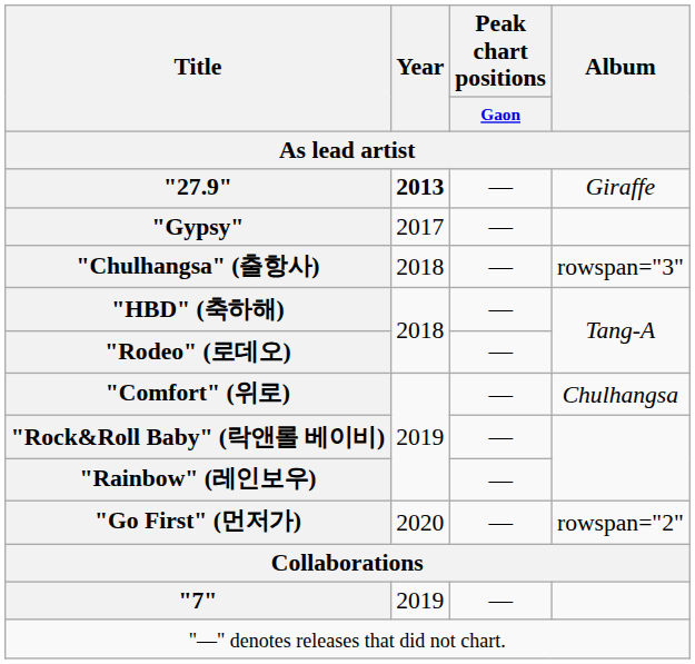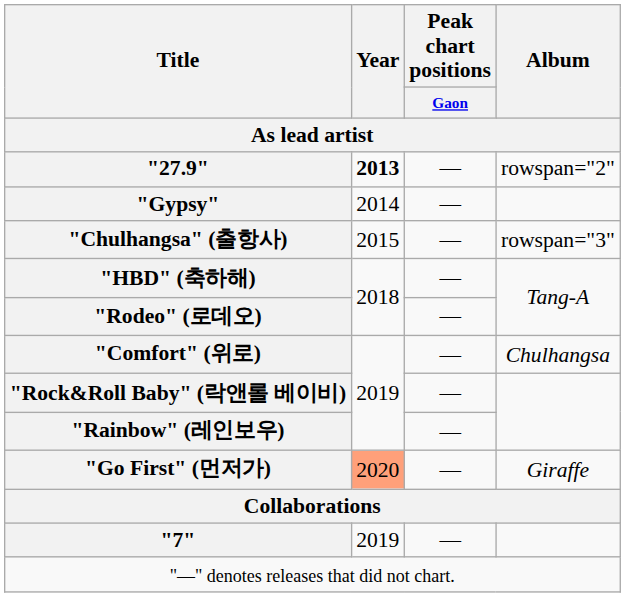 <table class="wikitable plainrowheaders" style="text-align:center;">
 <tr>
 <th scope="col" rowspan="2">Title</th>
 <th scope="col" rowspan="2">Year</th>
 <th scope="col" colspan="1">Peak chart <br> positions</th>
 <th scope="col" rowspan="2">Album</th>
 </tr>
 <tr>
 <th scope="col" style="width:3em;font-size:85%;"><small><a href='#'>Gaon</a></small><br></th>
 </tr>
 <tr>
 <th scope="col" colspan="5">As lead artist</th>
 </tr>
 <tr>
 <th scope="row">"27.9"</th>
 <td><strong>2013</strong></td>
 <td>—</td>
-<td><em>Giraffe</em></td>
+<td>rowspan="2" </td>
 </tr>
 <tr>
 <th scope="row">"Gypsy"</th>
-<td>2017</td>
+<td>2014</td>
 <td>—</td>
 </tr>
 <tr>
 <th scope="row">"Chulhangsa" (출항사)</th>
-<td>2018</td>
+<td>2015</td>
 <td>—</td>
 <td>rowspan="3" </td>
 </tr>
 <tr>
 <th scope="row">"HBD" (축하해)</th>
 <td rowspan="2">2018</td>
 <td>—</td>
 <td rowspan="2"><em>Tang-A</em></td>
 </tr>
 <tr>
 <th scope="row">"Rodeo" (로데오)</th>
 <td>—</td>
 </tr>
 <tr>
 <th scope="row">"Comfort" (위로)</th>
 <td rowspan="3">2019</td>
 <td>—</td>
 <td><em>Chulhangsa</em></td>
 </tr>
 <tr>
 <th scope="row">"Rock&Roll Baby" (락앤롤 베이비)<br></th>
 <td>—</td>
 </tr>
 <tr>
 <th scope="row">"Rainbow" (레인보우)<br></th>
 <td>—</td>
 </tr>
 <tr>
 <th scope="row">"Go First" (먼저가)</th>
-<td>2020</td>
+<td style="background: lightsalmon;">2020</td>
 <td>—</td>
-<td>rowspan="2" </td>
+<td><em>Giraffe</em></td>
 </tr>
 <tr>
 <th scope="col" colspan="5">Collaborations</th>
 </tr>
 <tr>
 <th scope="row">"7"<br></th>
 <td>2019</td>
 <td>—</td>
 <td></td>
 </tr>
 <tr>
 <td colspan="5" align="center"><small>"—" denotes releases that did not chart.</small></td>
 </tr>
 </table>
